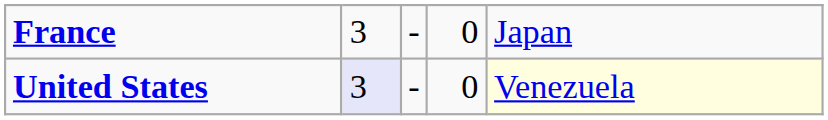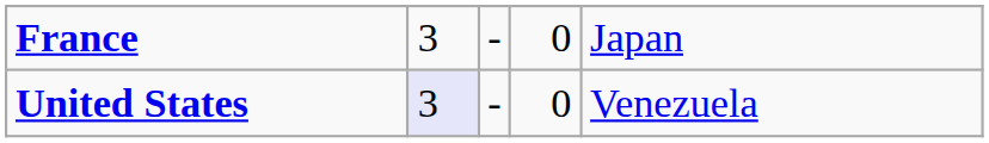 <table class="wikitable">
 <tr>
 <td width=150> <strong><a href='#'>France</a></strong></td>
 <td style="width:20px; text-align:left;">3</td>
 <td>-</td>
 <td style="width:20px; text-align:right;">0</td>
 <td width=150> <a href='#'>Japan</a></td>
 </tr>
 <tr>
 <td> <strong><a href='#'>United States</a></strong></td>
 <td style="background: lavender; text-align:left;">3</td>
 <td>-</td>
 <td style="text-align:right;">0</td>
-<td style="background: lightyellow;"> <a href='#'>Venezuela</a></td>
+<td> <a href='#'>Venezuela</a></td>
 </tr>
 </table>
